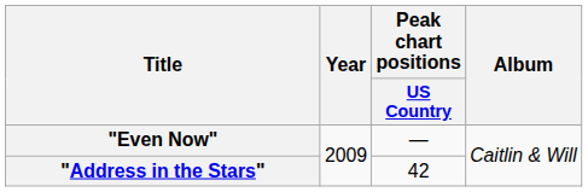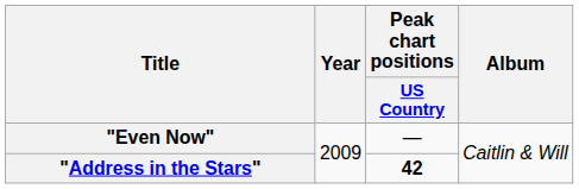 <table class="wikitable plainrowheaders" style="text-align:center;">
 <tr>
 <th scope="col" rowspan="2" style="width:16em;">Title</th>
 <th scope="col" rowspan="2">Year</th>
 <th scope="col">Peak chart positions</th>
 <th scope="col" rowspan="2">Album</th>
 </tr>
 <tr>
 <th scope="col" style="width:2.5em;font-size:90%;"><a href='#'>US Country</a></th>
 </tr>
 <tr>
 <th scope="row">"Even Now"</th>
 <td rowspan="2">2009</td>
 <td>—</td>
 <td rowspan="2"><em>Caitlin & Will</em></td>
 </tr>
 <tr>
 <th scope="row">"<a href='#'>Address in the Stars</a>"</th>
-<td>42</td>
+<td><strong>42</strong></td>
 </tr>
 </table>
